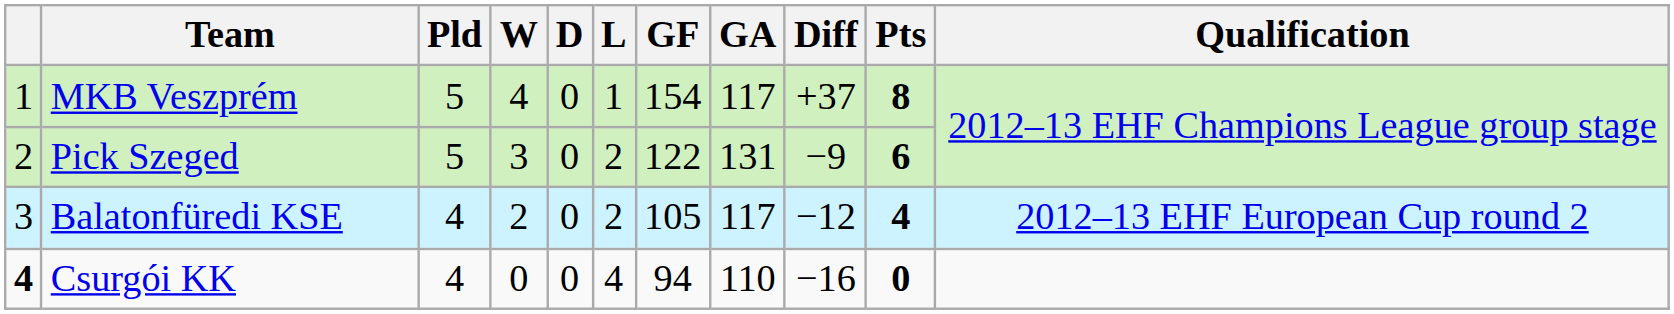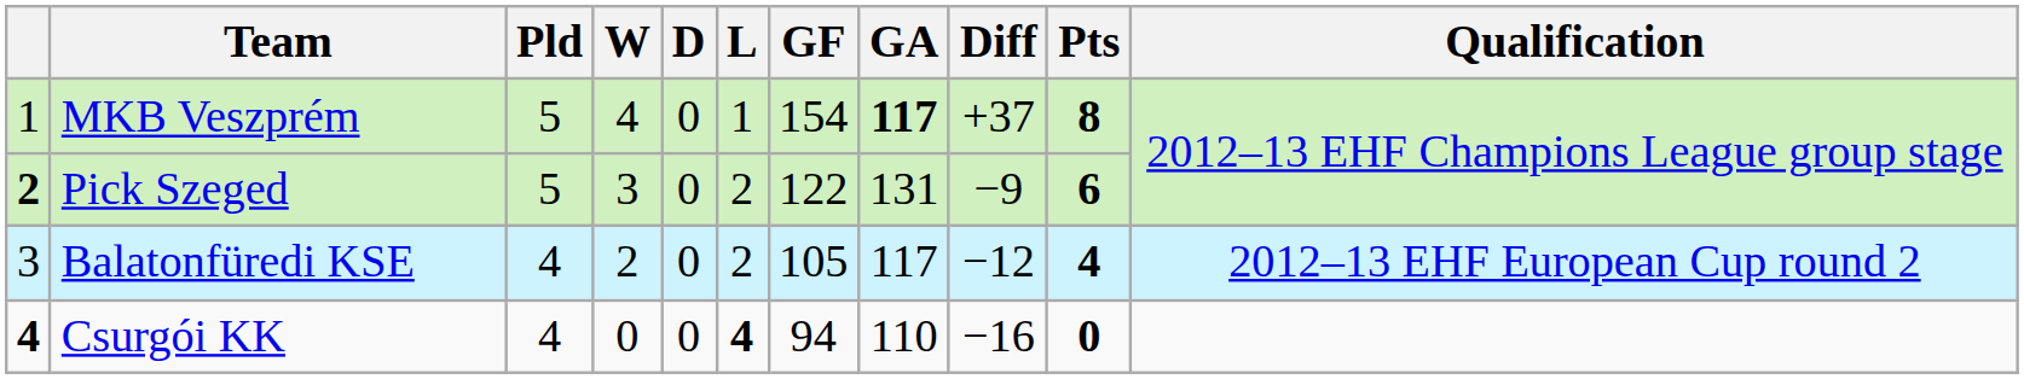 <table class="wikitable sortable" style="text-align:center">
 <tr>
 <th></th>
 <th width="150">Team</th>
 <th>Pld</th>
 <th>W</th>
 <th>D</th>
 <th>L</th>
 <th>GF</th>
 <th>GA</th>
 <th>Diff</th>
 <th>Pts</th>
 <th width="300">Qualification</th>
 </tr>
 <tr style="background: #D0F0C0;">
 <td>1</td>
 <td align=left><a href='#'>MKB Veszprém</a></td>
 <td>5</td>
 <td>4</td>
 <td>0</td>
 <td>1</td>
 <td>154</td>
-<td>117</td>
+<td><strong>117</strong></td>
 <td>+37</td>
 <td><strong>8</strong></td>
 <td rowspan="2"><a href='#'>2012–13 EHF Champions League group stage</a></td>
 </tr>
 <tr style="background: #D0F0C0;">
-<td>2</td>
+<td><strong>2</strong></td>
 <td align=left><a href='#'>Pick Szeged</a></td>
 <td>5</td>
 <td>3</td>
 <td>0</td>
 <td>2</td>
 <td>122</td>
 <td>131</td>
 <td>−9</td>
 <td><strong>6</strong></td>
 </tr>
 <tr style="background: #CCF3FF;">
 <td>3</td>
 <td align=left><a href='#'>Balatonfüredi KSE</a></td>
 <td>4</td>
 <td>2</td>
 <td>0</td>
 <td>2</td>
 <td>105</td>
 <td>117</td>
 <td>−12</td>
 <td><strong>4</strong></td>
 <td><a href='#'>2012–13 EHF European Cup round 2</a></td>
 </tr>
 <tr>
 <td><strong>4</strong></td>
 <td align=left><a href='#'>Csurgói KK</a></td>
 <td>4</td>
 <td>0</td>
 <td>0</td>
-<td>4</td>
+<td><strong>4</strong></td>
 <td>94</td>
 <td>110</td>
 <td>−16</td>
 <td><strong>0</strong></td>
 </tr>
 </table>
